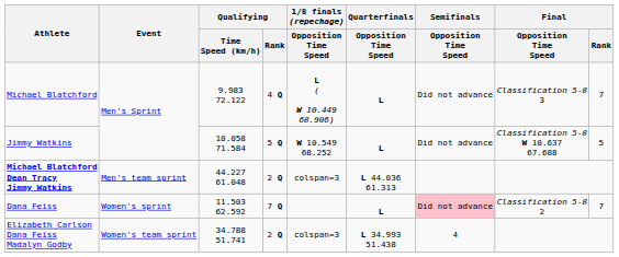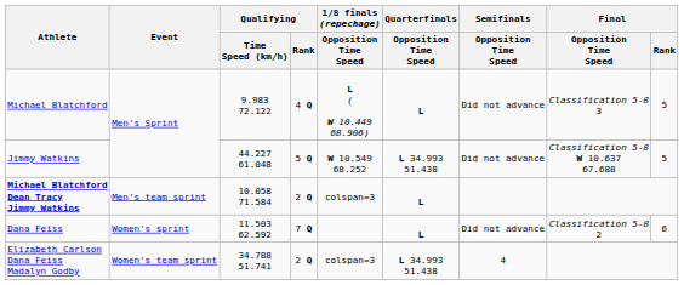 <table class="wikitable" style="font-size:90%">
 <tr>
 <th rowspan=2>Athlete</th>
 <th rowspan=2>Event</th>
 <th colspan=2>Qualifying</th>
 <th>1/8 finals<br><em>(repechage)</em></th>
 <th>Quarterfinals</th>
 <th>Semifinals</th>
 <th colspan=2>Final</th>
 </tr>
 <tr>
 <th>Time<br>Speed (km/h)</th>
 <th>Rank</th>
 <th>Opposition<br>Time<br>Speed</th>
 <th>Opposition<br>Time<br>Speed</th>
 <th>Opposition<br>Time<br>Speed</th>
 <th>Opposition<br>Time<br>Speed</th>
 <th>Rank</th>
 </tr>
 <tr align=center>
 <td align=left><a href='#'>Michael Blatchford</a></td>
 <td align=left rowspan=2><a href='#'>Men's Sprint</a></td>
 <td>9.983<br>72.122</td>
 <td>4 <strong>Q</strong></td>
 <td><br><strong>L</strong><br><em>(<br><br><strong>W</strong> 10.449<br>68.906)</em></td>
 <td><br><strong>L</strong></td>
 <td>Did not advance</td>
 <td><em>Classification 5-8</em><br>3</td>
-<td>7</td>
+<td>5</td>
 </tr>
 <tr align=center>
 <td align=left><a href='#'>Jimmy Watkins</a></td>
-<td>10.058<br>71.584</td>
+<td>44.227<br>61.048</td>
 <td>5 <strong>Q</strong></td>
 <td><br><strong>W</strong> 10.549<br>68.252</td>
-<td><br><strong>L</strong></td>
+<td><br><strong>L</strong> 34.993<br>51.438</td>
 <td>Did not advance</td>
 <td><em>Classification 5-8</em><br><strong>W</strong> 10.637<br>67.688</td>
 <td>5</td>
 </tr>
 <tr align=center>
 <td align=left><strong><a href='#'>Michael Blatchford</a><br><a href='#'>Dean Tracy</a><br><a href='#'>Jimmy Watkins</a></strong></td>
 <td align=left><a href='#'>Men's team sprint</a></td>
-<td>44.227<br>61.048</td>
+<td>10.058<br>71.584</td>
 <td>2 <strong>Q</strong></td>
 <td>colspan=3 </td>
-<td><br><strong>L</strong> 44.036<br>61.313</td>
+<td><br><strong>L</strong></td>
 <td></td>
 </tr>
 <tr align=center>
 <td align=left><a href='#'>Dana Feiss</a></td>
 <td align=left><a href='#'>Women's sprint</a></td>
 <td>11.503<br>62.592</td>
 <td>7 <strong>Q</strong></td>
 <td></td>
 <td><br><strong>L</strong></td>
-<td style="background: pink;">Did not advance</td>
+<td>Did not advance</td>
 <td><em>Classification 5-8</em><br>2</td>
-<td>7</td>
+<td>6</td>
 </tr>
 <tr align=center>
 <td align=left><a href='#'>Elizabeth Carlson</a><br><a href='#'>Dana Feiss</a><br><a href='#'>Madalyn Godby</a></td>
 <td align=left><a href='#'>Women's team sprint</a></td>
 <td>34.788<br>51.741</td>
 <td>2 <strong>Q</strong></td>
 <td>colspan=3 </td>
 <td><br><strong>L</strong> 34.993<br>51.438</td>
 <td>4</td>
 </tr>
 </table>
